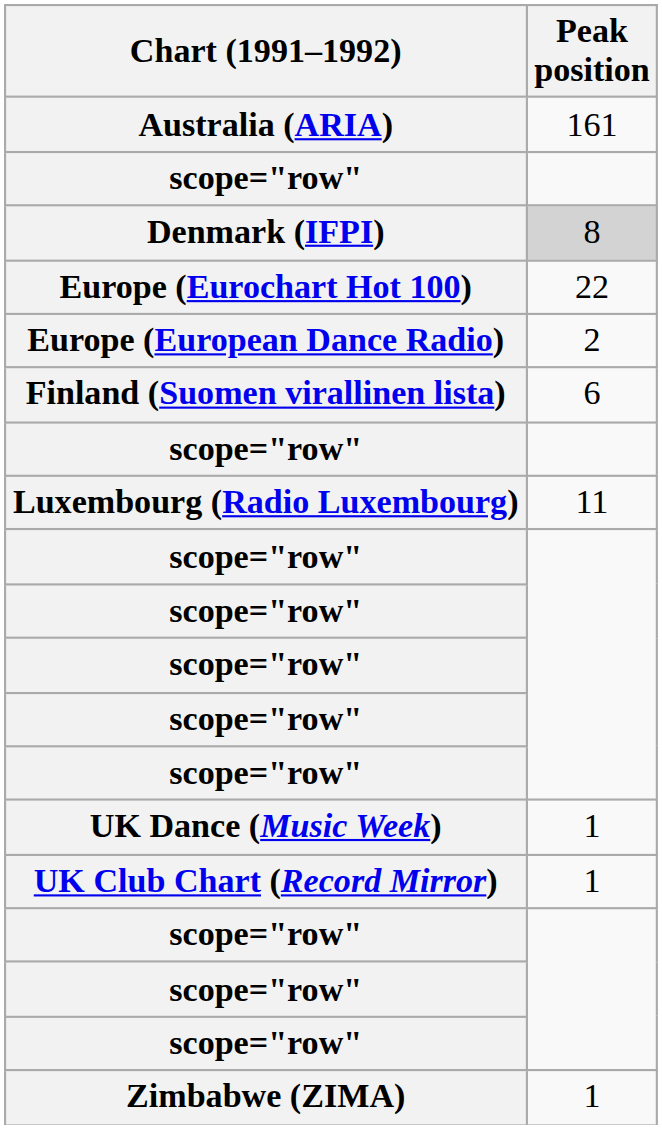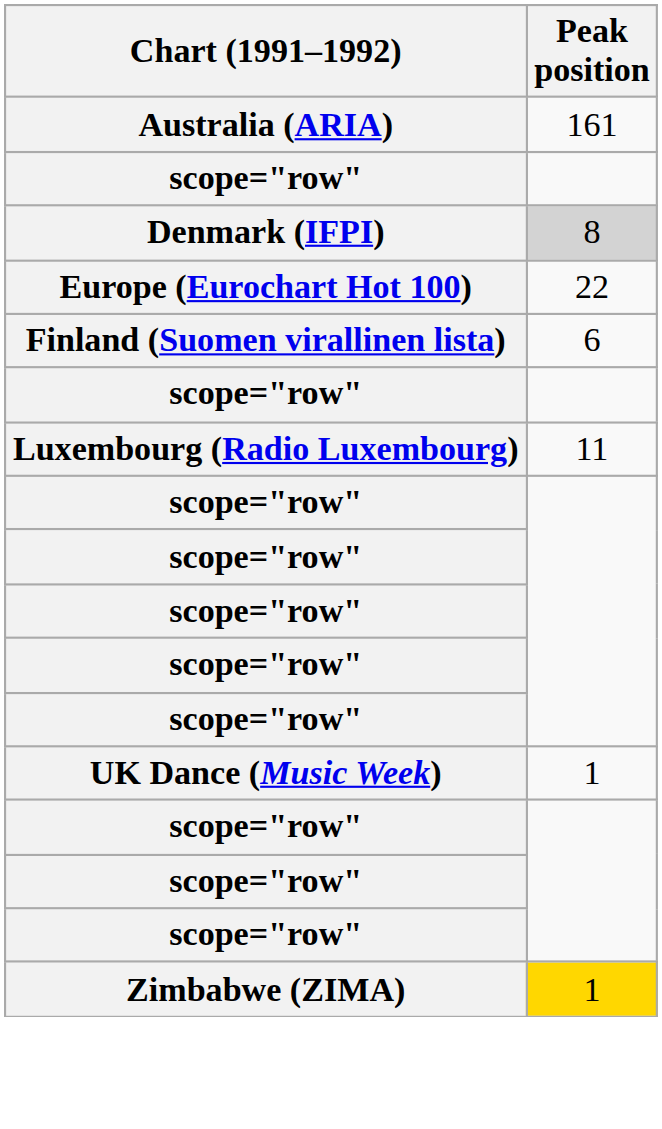 <table class="wikitable sortable plainrowheaders" style="text-align:center">
 <tr>
 <th scope="col">Chart (1991–1992)</th>
 <th scope="col">Peak<br>position</th>
 </tr>
 <tr>
 <th scope="row">Australia (<a href='#'>ARIA</a>)</th>
 <td>161</td>
 </tr>
 <tr>
 <th>scope="row"</th>
 </tr>
 <tr>
 <th scope="row">Denmark (<a href='#'>IFPI</a>)</th>
 <td style="background: lightgrey;">8</td>
 </tr>
 <tr>
 <th scope="row">Europe (<a href='#'>Eurochart Hot 100</a>)</th>
 <td>22</td>
-</tr>
-<tr>
-<th scope="row">Europe (<a href='#'>European Dance Radio</a>)</th>
-<td>2</td>
 </tr>
 <tr>
 <th scope="row">Finland (<a href='#'>Suomen virallinen lista</a>)</th>
 <td>6</td>
 </tr>
 <tr>
 <th>scope="row"</th>
 </tr>
 <tr>
 <th scope="row">Luxembourg (<a href='#'>Radio Luxembourg</a>)</th>
 <td>11</td>
 </tr>
 <tr>
 <th>scope="row"</th>
 </tr>
 <tr>
 <th>scope="row"</th>
 </tr>
 <tr>
 <th>scope="row"</th>
 </tr>
 <tr>
 <th>scope="row"</th>
 </tr>
 <tr>
 <th>scope="row"</th>
 </tr>
 <tr>
 <th scope="row">UK Dance (<em><a href='#'>Music Week</a></em>)</th>
 <td>1</td>
 </tr>
 <tr>
-<th scope="row"><a href='#'>UK Club Chart</a> (<em><a href='#'>Record Mirror</a></em>)</th>
-<td>1</td>
-</tr>
-<tr>
 <th>scope="row"</th>
 </tr>
 <tr>
 <th>scope="row"</th>
 </tr>
 <tr>
 <th>scope="row"</th>
 </tr>
 <tr>
 <th scope="row">Zimbabwe (ZIMA)</th>
-<td>1</td>
+<td style="background: gold;">1</td>
 </tr>
 </table>
